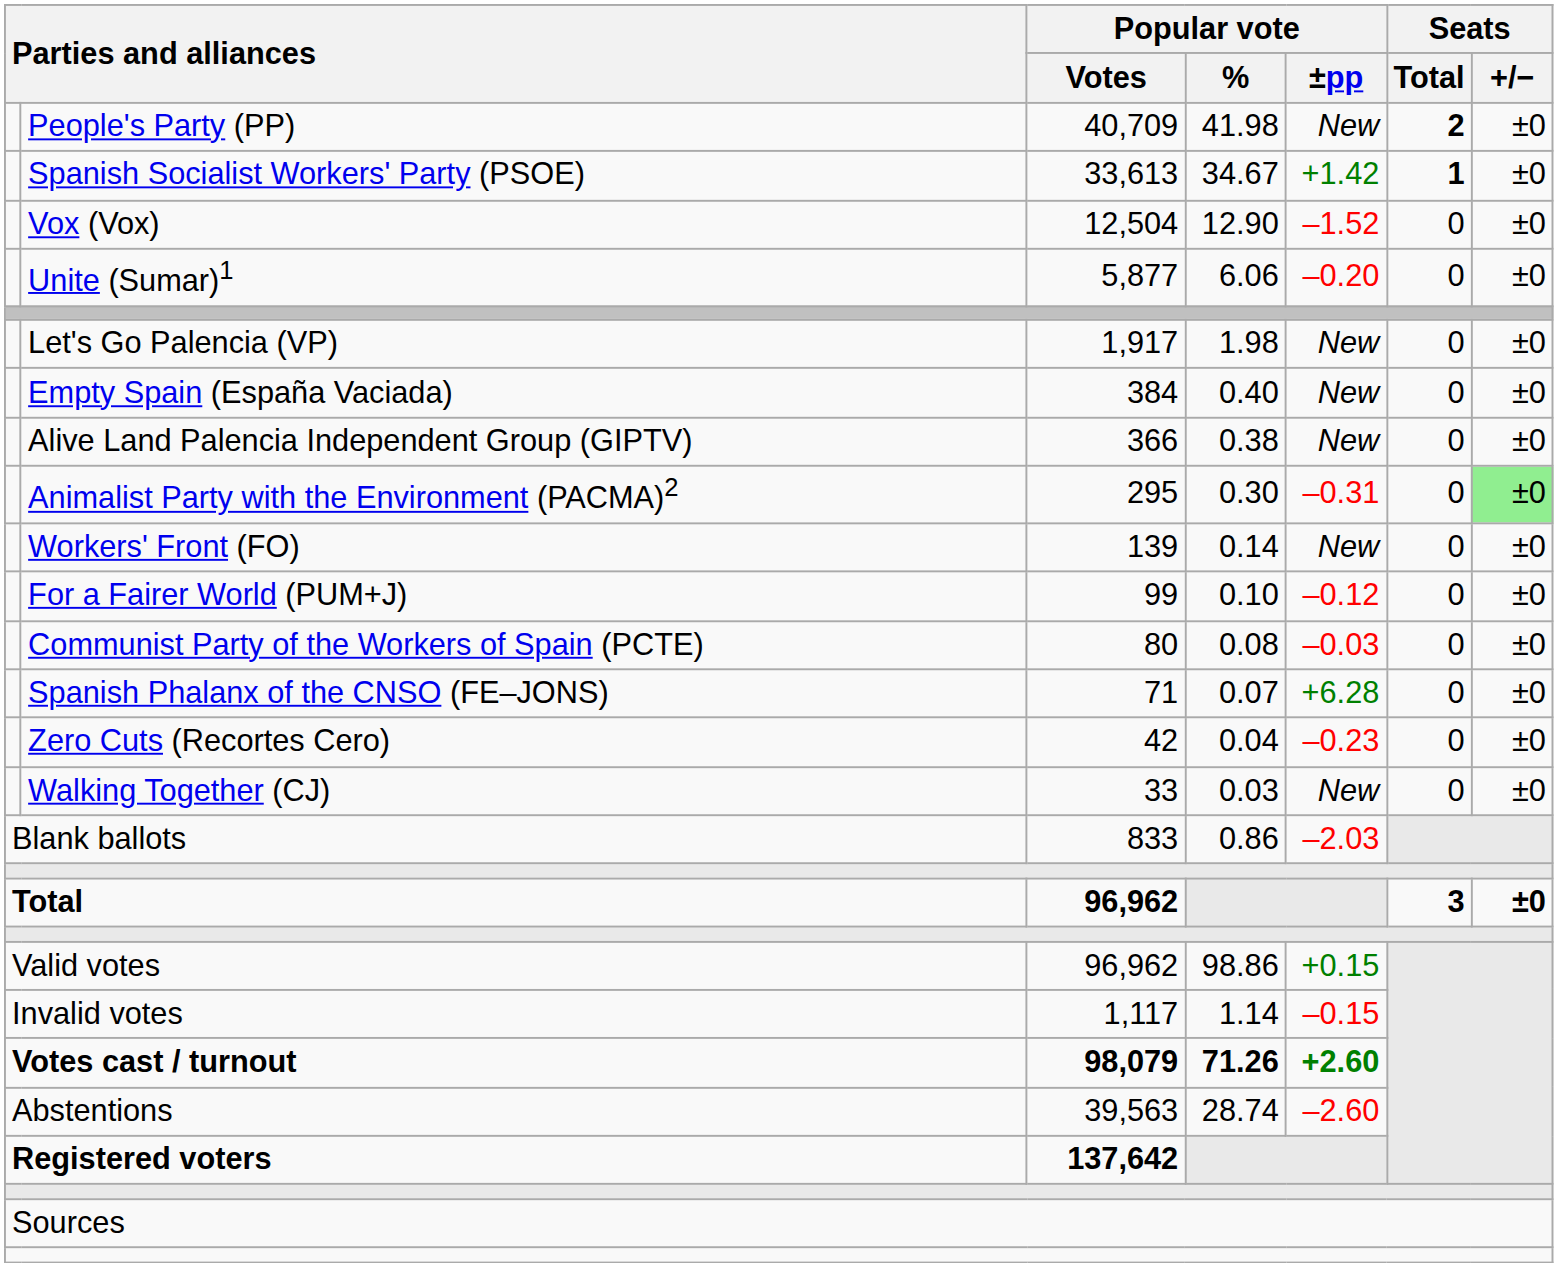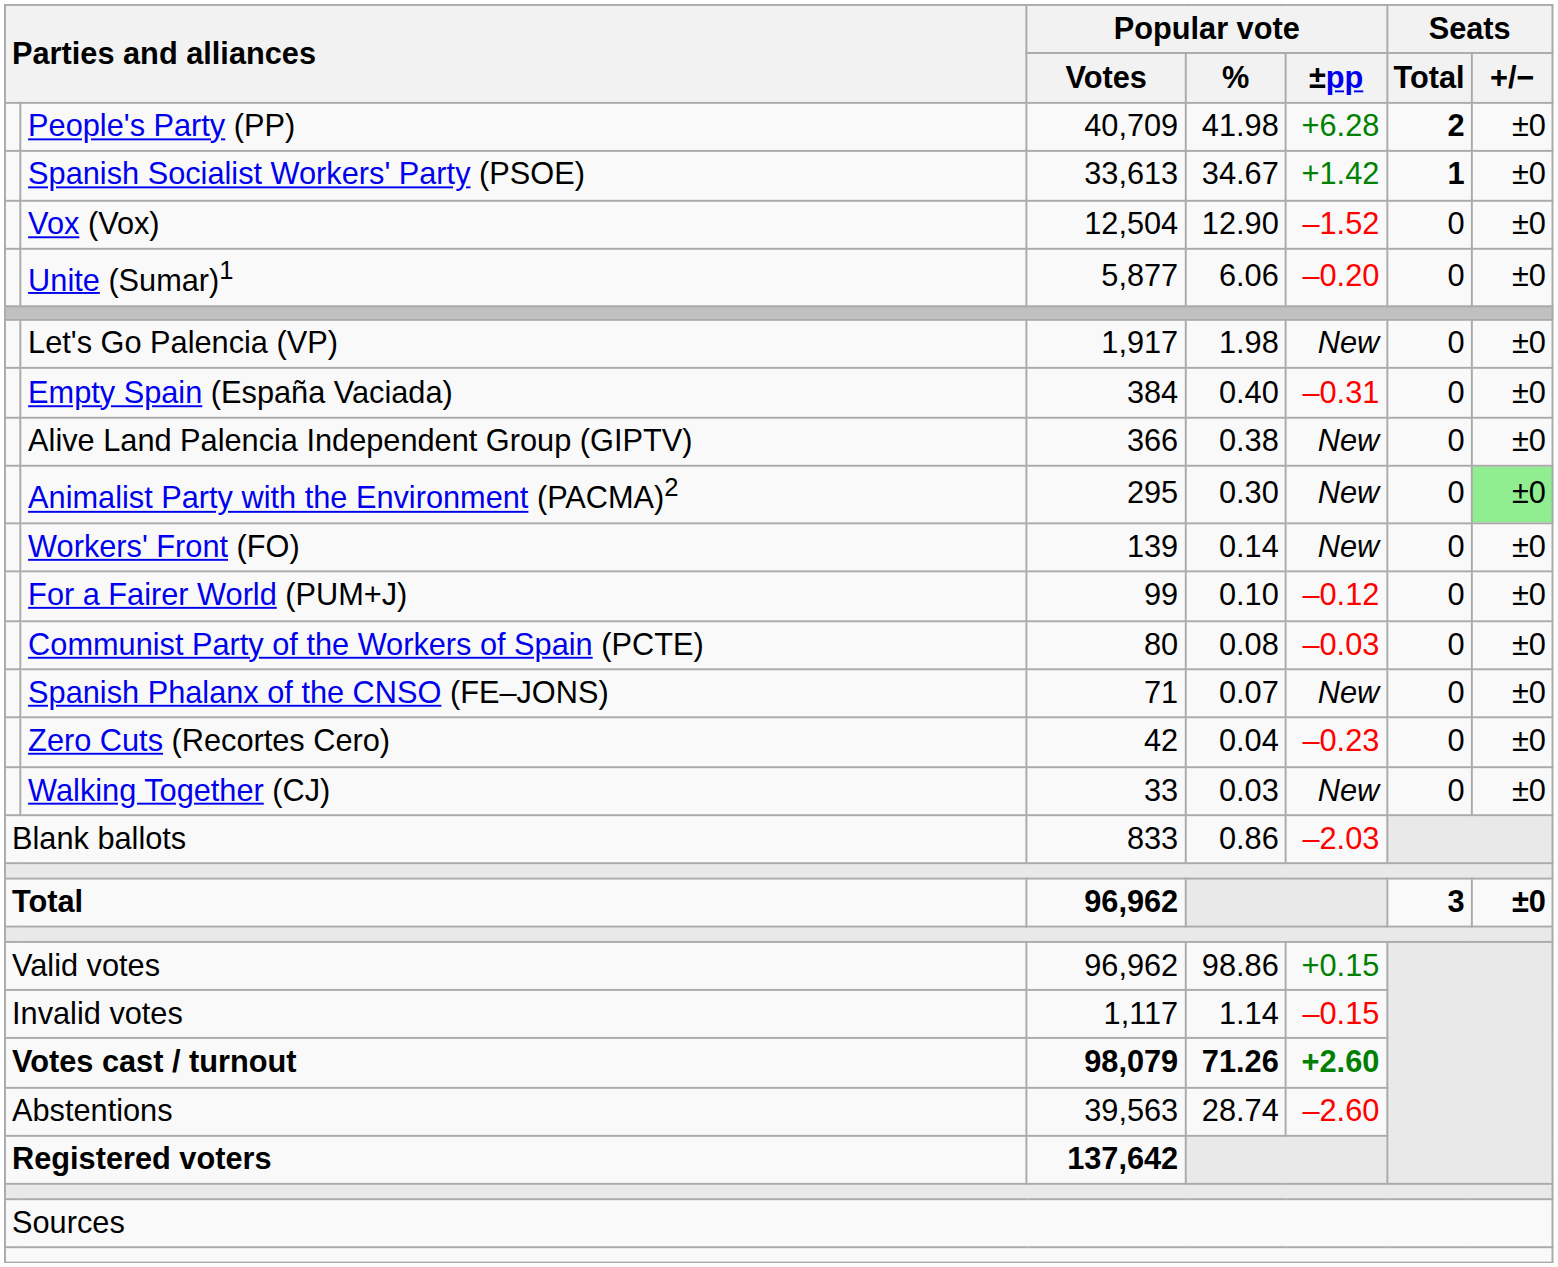 <table class="wikitable" style="text-align:right;">
 <tr>
 <th style="text-align:left;" rowspan="2" colspan="2" width="525">Parties and alliances</th>
 <th colspan="3">Popular vote</th>
 <th colspan="2">Seats</th>
 </tr>
 <tr>
 <th width="75">Votes</th>
 <th width="45">%</th>
 <th width="45">±<a href='#'>pp</a></th>
 <th width="35">Total</th>
 <th width="35">+/−</th>
 </tr>
 <tr>
 <td width="1" style="color:inherit;background:"></td>
 <td align="left"><a href='#'>People's Party</a> (PP)</td>
 <td>40,709</td>
 <td>41.98</td>
-<td><em>New</em></td>
+<td style="color:green;">+6.28</td>
 <td><strong>2</strong></td>
 <td>±0</td>
 </tr>
 <tr>
 <td style="color:inherit;background:"></td>
 <td align="left"><a href='#'>Spanish Socialist Workers' Party</a> (PSOE)</td>
 <td>33,613</td>
 <td>34.67</td>
 <td style="color:green;">+1.42</td>
 <td><strong>1</strong></td>
 <td>±0</td>
 </tr>
 <tr>
 <td style="color:inherit;background:"></td>
 <td align="left"><a href='#'>Vox</a> (Vox)</td>
 <td>12,504</td>
 <td>12.90</td>
 <td style="color:red;">–1.52</td>
 <td>0</td>
 <td>±0</td>
 </tr>
 <tr>
 <td style="color:inherit;background:"></td>
 <td align="left"><a href='#'>Unite</a> (Sumar)<sup>1</sup></td>
 <td>5,877</td>
 <td>6.06</td>
 <td style="color:red;">–0.20</td>
 <td>0</td>
 <td>±0</td>
 </tr>
 <tr>
 <td colspan="7" bgcolor="#C0C0C0"></td>
 </tr>
 <tr>
 <td style="color:inherit;background:"></td>
 <td align="left">Let's Go Palencia (VP)</td>
 <td>1,917</td>
 <td>1.98</td>
 <td><em>New</em></td>
 <td>0</td>
 <td>±0</td>
 </tr>
 <tr>
 <td style="color:inherit;background:"></td>
 <td align="left"><a href='#'>Empty Spain</a> (España Vaciada)</td>
 <td>384</td>
 <td>0.40</td>
-<td><em>New</em></td>
+<td style="color:red;">–0.31</td>
 <td>0</td>
 <td>±0</td>
 </tr>
 <tr>
 <td style="color:inherit;background:"></td>
 <td align="left">Alive Land Palencia Independent Group (GIPTV)</td>
 <td>366</td>
 <td>0.38</td>
 <td><em>New</em></td>
 <td>0</td>
 <td>±0</td>
 </tr>
 <tr>
 <td style="color:inherit;background:"></td>
 <td align="left"><a href='#'>Animalist Party with the Environment</a> (PACMA)<sup>2</sup></td>
 <td>295</td>
 <td>0.30</td>
-<td style="color:red;">–0.31</td>
+<td><em>New</em></td>
 <td>0</td>
 <td style="background: lightgreen;">±0</td>
 </tr>
 <tr>
 <td style="color:inherit;background:"></td>
 <td align="left"><a href='#'>Workers' Front</a> (FO)</td>
 <td>139</td>
 <td>0.14</td>
 <td><em>New</em></td>
 <td>0</td>
 <td>±0</td>
 </tr>
 <tr>
 <td style="color:inherit;background:"></td>
 <td align="left"><a href='#'>For a Fairer World</a> (PUM+J)</td>
 <td>99</td>
 <td>0.10</td>
 <td style="color:red;">–0.12</td>
 <td>0</td>
 <td>±0</td>
 </tr>
 <tr>
 <td style="color:inherit;background:"></td>
 <td align="left"><a href='#'>Communist Party of the Workers of Spain</a> (PCTE)</td>
 <td>80</td>
 <td>0.08</td>
 <td style="color:red;">–0.03</td>
 <td>0</td>
 <td>±0</td>
 </tr>
 <tr>
 <td style="color:inherit;background:"></td>
 <td align="left"><a href='#'>Spanish Phalanx of the CNSO</a> (FE–JONS)</td>
 <td>71</td>
 <td>0.07</td>
-<td style="color:green;">+6.28</td>
+<td><em>New</em></td>
 <td>0</td>
 <td>±0</td>
 </tr>
 <tr>
 <td style="color:inherit;background:"></td>
 <td align="left"><a href='#'>Zero Cuts</a> (Recortes Cero)</td>
 <td>42</td>
 <td>0.04</td>
 <td style="color:red;">–0.23</td>
 <td>0</td>
 <td>±0</td>
 </tr>
 <tr>
 <td style="color:inherit;background:"></td>
 <td align="left"><a href='#'>Walking Together</a> (CJ)</td>
 <td>33</td>
 <td>0.03</td>
 <td><em>New</em></td>
 <td>0</td>
 <td>±0</td>
 </tr>
 <tr>
 <td align="left" colspan="2">Blank ballots</td>
 <td>833</td>
 <td>0.86</td>
 <td style="color:red;">–2.03</td>
 <td bgcolor="#E9E9E9" colspan="2"></td>
 </tr>
 <tr>
 <td colspan="7" bgcolor="#E9E9E9"></td>
 </tr>
 <tr style="font-weight:bold;">
 <td align="left" colspan="2">Total</td>
 <td>96,962</td>
 <td bgcolor="#E9E9E9" colspan="2"></td>
 <td>3</td>
 <td>±0</td>
 </tr>
 <tr>
 <td colspan="7" bgcolor="#E9E9E9"></td>
 </tr>
 <tr>
 <td align="left" colspan="2">Valid votes</td>
 <td>96,962</td>
 <td>98.86</td>
 <td style="color:green;">+0.15</td>
 <td bgcolor="#E9E9E9" colspan="2" rowspan="5"></td>
 </tr>
 <tr>
 <td align="left" colspan="2">Invalid votes</td>
 <td>1,117</td>
 <td>1.14</td>
 <td style="color:red;">–0.15</td>
 </tr>
 <tr style="font-weight:bold;">
 <td align="left" colspan="2">Votes cast / turnout</td>
 <td>98,079</td>
 <td>71.26</td>
 <td style="color:green;">+2.60</td>
 </tr>
 <tr>
 <td align="left" colspan="2">Abstentions</td>
 <td>39,563</td>
 <td>28.74</td>
 <td style="color:red;">–2.60</td>
 </tr>
 <tr style="font-weight:bold;">
 <td align="left" colspan="2">Registered voters</td>
 <td>137,642</td>
 <td bgcolor="#E9E9E9" colspan="2"></td>
 </tr>
 <tr>
 <td colspan="7" bgcolor="#E9E9E9"></td>
 </tr>
 <tr>
 <td align="left" colspan="7">Sources</td>
 </tr>
 <tr>
 <td colspan="7" style="text-align:left; max-width:790px;"></td>
 </tr>
 </table>
